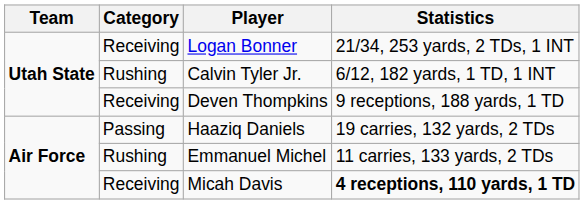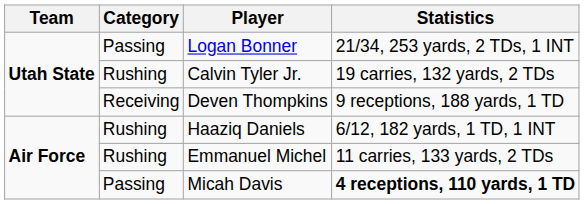 <table class="wikitable" style="float: left;">
 <tr>
 <th>Team</th>
 <th>Category</th>
 <th>Player</th>
 <th>Statistics</th>
 </tr>
 <tr>
 <td rowspan=3><strong>Utah State</strong></td>
-<td>Receiving</td>
+<td>Passing</td>
 <td><a href='#'>Logan Bonner</a></td>
 <td>21/34, 253 yards, 2 TDs, 1 INT</td>
 </tr>
 <tr>
 <td>Rushing</td>
 <td>Calvin Tyler Jr.</td>
-<td>6/12, 182 yards, 1 TD, 1 INT</td>
+<td>19 carries, 132 yards, 2 TDs</td>
 </tr>
 <tr>
 <td>Receiving</td>
 <td>Deven Thompkins</td>
 <td>9 receptions, 188 yards, 1 TD</td>
 </tr>
 <tr>
 <td rowspan=3><strong>Air Force</strong></td>
-<td>Passing</td>
+<td>Rushing</td>
 <td>Haaziq Daniels</td>
-<td>19 carries, 132 yards, 2 TDs</td>
+<td>6/12, 182 yards, 1 TD, 1 INT</td>
 </tr>
 <tr>
 <td>Rushing</td>
 <td>Emmanuel Michel</td>
 <td>11 carries, 133 yards, 2 TDs</td>
 </tr>
 <tr>
-<td>Receiving</td>
+<td>Passing</td>
 <td>Micah Davis</td>
 <td><strong>4 receptions, 110 yards, 1 TD</strong></td>
 </tr>
 </table>
